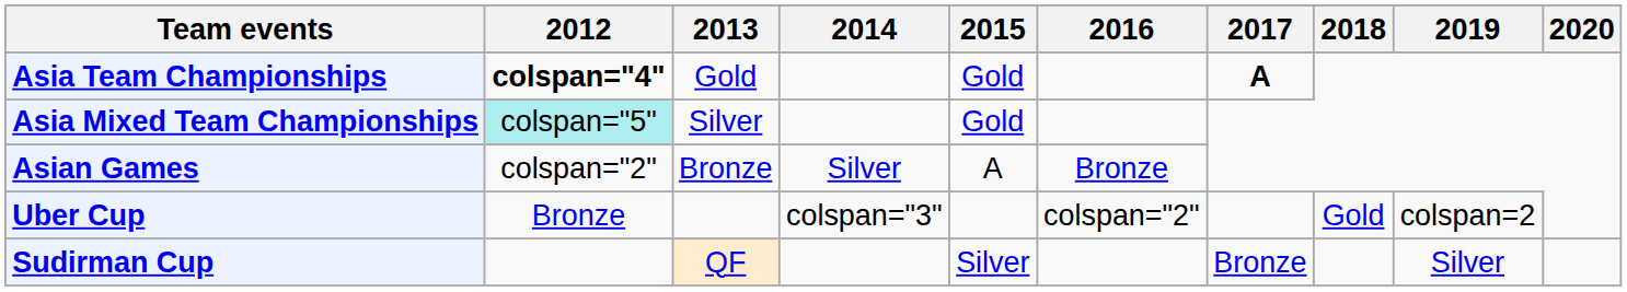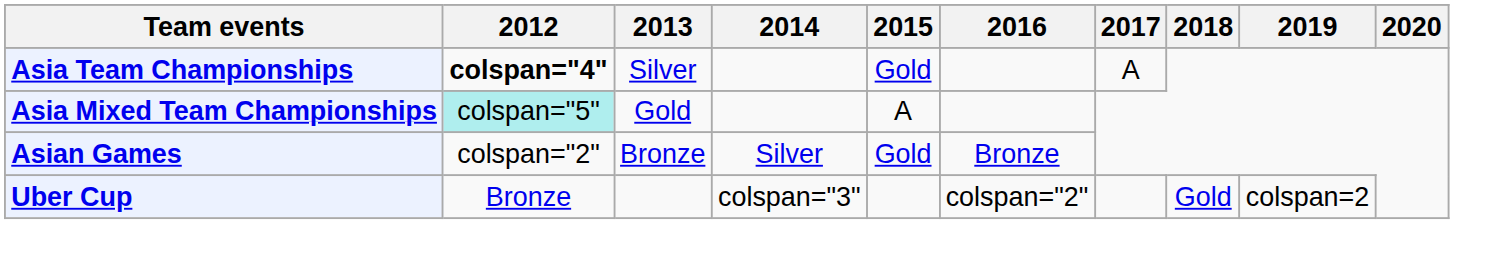 <table class="wikitable" style="font-size: 90%; text-align:center">
 <tr>
 <th>Team events</th>
 <th>2012</th>
 <th>2013</th>
 <th>2014</th>
 <th>2015</th>
 <th>2016</th>
 <th>2017</th>
 <th>2018</th>
 <th>2019</th>
 <th>2020</th>
 </tr>
 <tr>
 <td bgcolor="#ECF2FF"; align="left"><strong><a href='#'>Asia Team Championships</a></strong></td>
 <td><strong>colspan="4" </strong></td>
-<td> <a href='#'>Gold</a></td>
+<td> <a href='#'>Silver</a></td>
 <td></td>
 <td> <a href='#'>Gold</a></td>
 <td></td>
-<td><strong>A</strong></td>
+<td>A</td>
 </tr>
 <tr>
 <td bgcolor="#ECF2FF"; align="left"><strong><a href='#'>Asia Mixed Team Championships</a></strong></td>
 <td style="background: paleturquoise;">colspan="5" </td>
-<td> <a href='#'>Silver</a></td>
+<td> <a href='#'>Gold</a></td>
 <td></td>
-<td> <a href='#'>Gold</a></td>
+<td>A</td>
 <td></td>
 </tr>
 <tr>
 <td bgcolor="#ECF2FF"; align="left"><strong><a href='#'>Asian Games</a></strong></td>
 <td>colspan="2" </td>
 <td> <a href='#'>Bronze</a></td>
 <td> <a href='#'>Silver</a></td>
-<td>A</td>
+<td> <a href='#'>Gold</a></td>
 <td> <a href='#'>Bronze</a></td>
 </tr>
 <tr>
 <td bgcolor="#ECF2FF"; align="left"><strong><a href='#'>Uber Cup</a></strong></td>
 <td> <a href='#'>Bronze</a></td>
 <td></td>
 <td>colspan="3" </td>
 <td></td>
 <td>colspan="2" </td>
 <td></td>
 <td> <a href='#'>Gold</a></td>
 <td>colspan=2 </td>
 </tr>
-<tr>
-<td bgcolor="#ECF2FF"; align="left"><strong><a href='#'>Sudirman Cup</a></strong></td>
-<td></td>
-<td bgcolor=FFEBCD><a href='#'>QF</a></td>
-<td></td>
-<td> <a href='#'>Silver</a></td>
-<td></td>
-<td> <a href='#'>Bronze</a></td>
-<td></td>
-<td> <a href='#'>Silver</a></td>
-<td></td>
-</tr>
 </table>
